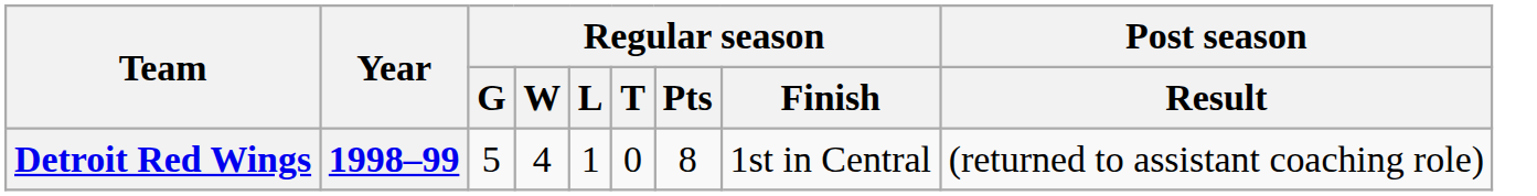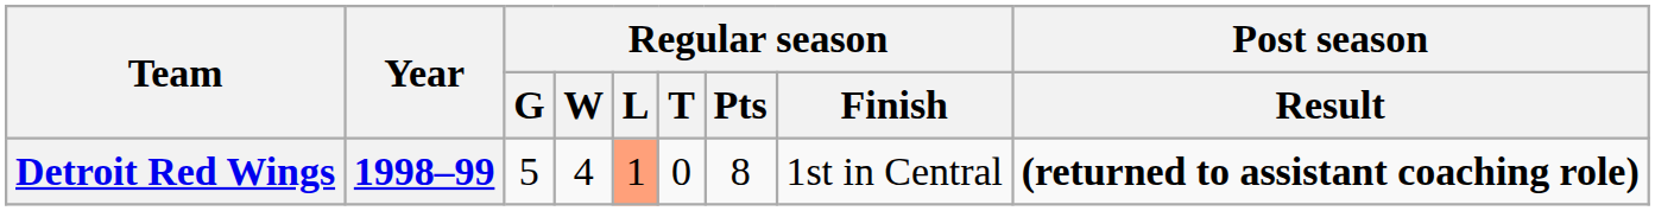 <table class="wikitable" style="font-size: 95%; text-align:center;">
 <tr>
 <th rowspan="2">Team</th>
 <th rowspan="2">Year</th>
 <th colspan="6">Regular season</th>
 <th colspan="1">Post season</th>
 </tr>
 <tr>
 <th>G</th>
 <th>W</th>
 <th>L</th>
 <th>T</th>
 <th>Pts</th>
 <th>Finish</th>
 <th>Result</th>
 </tr>
 <tr>
 <th><a href='#'>Detroit Red Wings</a></th>
 <th><a href='#'>1998–99</a></th>
 <td>5</td>
 <td>4</td>
-<td>1</td>
+<td style="background: lightsalmon;">1</td>
 <td>0</td>
 <td>8</td>
 <td>1st in Central</td>
-<td>(returned to assistant coaching role)</td>
+<td><strong>(returned to assistant coaching role)</strong></td>
 </tr>
 </table>
